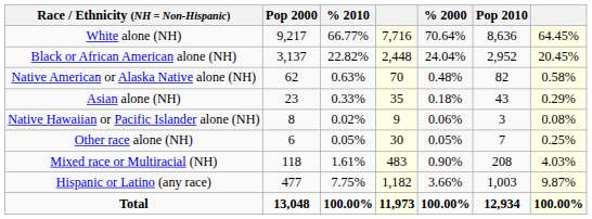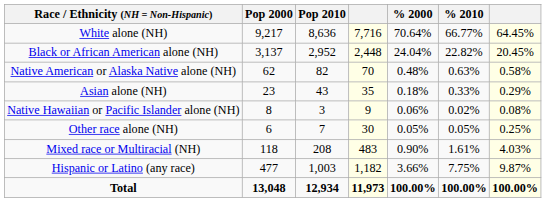 <table class="wikitable" style="text-align:center;">
 <tr>
 <th>Race / Ethnicity <small>(<em>NH = Non-Hispanic</em>)</small></th>
 <th>Pop 2000</th>
-<th>% 2010</th>
+<th>Pop 2010</th>
 <th></th>
 <th>% 2000</th>
-<th>Pop 2010</th>
+<th>% 2010</th>
 <th></th>
 </tr>
 <tr>
 <td><a href='#'>White</a> alone (NH)</td>
 <td>9,217</td>
-<td>66.77%</td>
+<td>8,636</td>
 <td style='background: #ffffe6;'>7,716</td>
 <td>70.64%</td>
-<td>8,636</td>
+<td>66.77%</td>
 <td style='background: #ffffe6;'>64.45%</td>
 </tr>
 <tr>
 <td><a href='#'>Black or African American</a> alone (NH)</td>
 <td>3,137</td>
-<td>22.82%</td>
+<td>2,952</td>
 <td style='background: #ffffe6;'>2,448</td>
 <td>24.04%</td>
-<td>2,952</td>
+<td>22.82%</td>
 <td style='background: #ffffe6;'>20.45%</td>
 </tr>
 <tr>
 <td><a href='#'>Native American</a> or <a href='#'>Alaska Native</a> alone (NH)</td>
 <td>62</td>
-<td>0.63%</td>
+<td>82</td>
 <td style='background: #ffffe6;'>70</td>
 <td>0.48%</td>
-<td>82</td>
+<td>0.63%</td>
 <td style='background: #ffffe6;'>0.58%</td>
 </tr>
 <tr>
 <td><a href='#'>Asian</a> alone (NH)</td>
 <td>23</td>
-<td>0.33%</td>
+<td>43</td>
 <td style='background: #ffffe6;'>35</td>
 <td>0.18%</td>
-<td>43</td>
+<td>0.33%</td>
 <td style='background: #ffffe6;'>0.29%</td>
 </tr>
 <tr>
 <td><a href='#'>Native Hawaiian</a> or <a href='#'>Pacific Islander</a> alone (NH)</td>
 <td>8</td>
-<td>0.02%</td>
+<td>3</td>
 <td style='background: #ffffe6;'>9</td>
 <td>0.06%</td>
-<td>3</td>
+<td>0.02%</td>
 <td style='background: #ffffe6;'>0.08%</td>
 </tr>
 <tr>
 <td><a href='#'>Other race</a> alone (NH)</td>
 <td>6</td>
-<td>0.05%</td>
+<td>7</td>
 <td style='background: #ffffe6;'>30</td>
 <td>0.05%</td>
-<td>7</td>
+<td>0.05%</td>
 <td style='background: #ffffe6;'>0.25%</td>
 </tr>
 <tr>
 <td><a href='#'>Mixed race or Multiracial</a> (NH)</td>
 <td>118</td>
-<td>1.61%</td>
+<td>208</td>
 <td style='background: #ffffe6;'>483</td>
 <td>0.90%</td>
-<td>208</td>
+<td>1.61%</td>
 <td style='background: #ffffe6;'>4.03%</td>
 </tr>
 <tr>
 <td><a href='#'>Hispanic or Latino</a> (any race)</td>
 <td>477</td>
-<td>7.75%</td>
+<td>1,003</td>
 <td style='background: #ffffe6;'>1,182</td>
 <td>3.66%</td>
-<td>1,003</td>
+<td>7.75%</td>
 <td style='background: #ffffe6;'>9.87%</td>
 </tr>
 <tr>
 <td><strong>Total</strong></td>
 <td><strong>13,048</strong></td>
-<td><strong>100.00%</strong></td>
+<td><strong>12,934</strong></td>
 <td style='background: #ffffe6;'><strong>11,973</strong></td>
 <td><strong>100.00%</strong></td>
-<td><strong>12,934</strong></td>
+<td><strong>100.00%</strong></td>
 <td style='background: #ffffe6;'><strong>100.00%</strong></td>
 </tr>
 </table>
